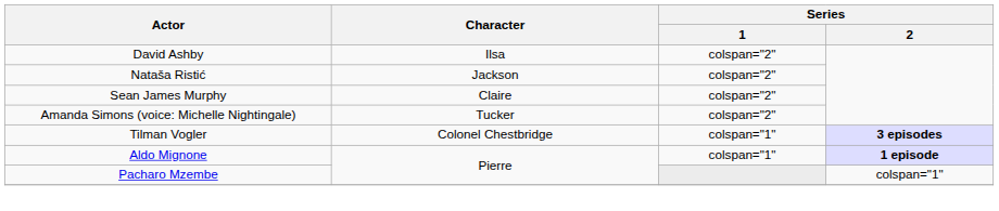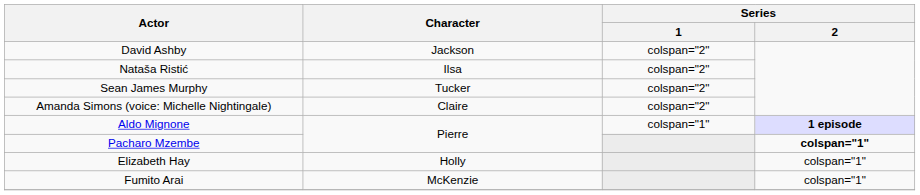 <table class="wikitable plainrowheaders" style="text-align:center">
 <tr>
 <th rowspan="2" width="14%" scope="col">Actor</th>
 <th rowspan="2" width="14%" scope="col">Character</th>
 <th colspan="2">Series</th>
 </tr>
 <tr>
 <th width="7%" scope="col">1</th>
 <th width="7%" scope="col">2</th>
 </tr>
 <tr>
 <td>David Ashby</td>
+<td>Jackson</td>
+<td>colspan="2" </td>
+</tr>
+<tr>
+<td>Nataša Ristić</td>
 <td>Ilsa</td>
 <td>colspan="2" </td>
 </tr>
 <tr>
-<td>Nataša Ristić</td>
-<td>Jackson</td>
-<td>colspan="2" </td>
-</tr>
-<tr>
 <td>Sean James Murphy</td>
-<td>Claire</td>
+<td>Tucker</td>
 <td>colspan="2" </td>
 </tr>
 <tr>
 <td>Amanda Simons (voice: Michelle Nightingale)</td>
-<td>Tucker</td>
+<td>Claire</td>
 <td>colspan="2" </td>
-</tr>
-<tr>
-<td>Tilman Vogler</td>
-<td>Colonel Chestbridge</td>
-<td>colspan="1" </td>
-<td style="background: #ddddff" colspan="1" align="center"><strong>3 episodes</strong></td>
 </tr>
 <tr>
 <td><a href='#'>Aldo Mignone</a></td>
 <td rowspan="2">Pierre</td>
 <td>colspan="1" </td>
 <td style="background: #ddddff" colspan="1" align="center"><strong>1 episode</strong></td>
 </tr>
 <tr>
 <td><a href='#'>Pacharo Mzembe</a></td>
 <td colspan="1" style="background: #ececec; color: grey; vertical-align: middle; text-align: center; " class="table-na"></td>
+<td><strong>colspan="1" </strong></td>
+</tr>
+<tr>
+<td>Elizabeth Hay</td>
+<td>Holly</td>
+<td colspan="1" style="background: #ececec; color: grey; vertical-align: middle; text-align: center; " class="table-na"></td>
+<td>colspan="1" </td>
+</tr>
+<tr>
+<td>Fumito Arai</td>
+<td>McKenzie</td>
+<td colspan="1" style="background: #ececec; color: grey; vertical-align: middle; text-align: center; " class="table-na"></td>
 <td>colspan="1" </td>
 </tr>
 <tr>
 </tr>
 </table>
